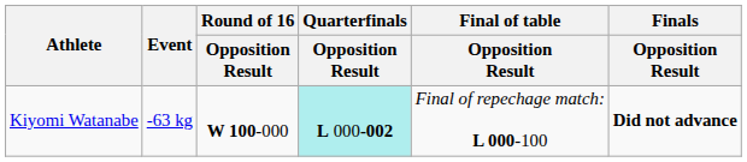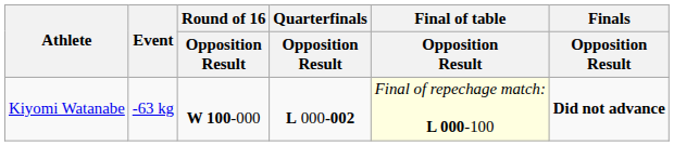 <table class=wikitable style="font-size:90%">
 <tr>
 <th rowspan=2>Athlete</th>
 <th rowspan=2>Event</th>
 <th>Round of 16</th>
 <th>Quarterfinals</th>
 <th>Final of table</th>
 <th>Finals</th>
 </tr>
 <tr>
 <th>Opposition<br>Result</th>
 <th>Opposition<br>Result</th>
 <th>Opposition<br>Result</th>
 <th>Opposition<br>Result</th>
 </tr>
 <tr>
 <td><a href='#'>Kiyomi Watanabe</a></td>
 <td><a href='#'>-63 kg</a></td>
 <td align=center> <br> <strong>W 100</strong>-000</td>
-<td align=center style="background: paleturquoise;"> <br> <strong>L</strong> 000<strong>-002</strong></td>
-<td align=center><em>Final of repechage match:</em><br> <br> <strong>L 000</strong>-100</td>
+<td align=center> <br> <strong>L</strong> 000<strong>-002</strong></td>
+<td align=center style="background: lightyellow;"><em>Final of repechage match:</em><br> <br> <strong>L 000</strong>-100</td>
 <td><strong>Did not advance</strong></td>
 </tr>
 </table>
